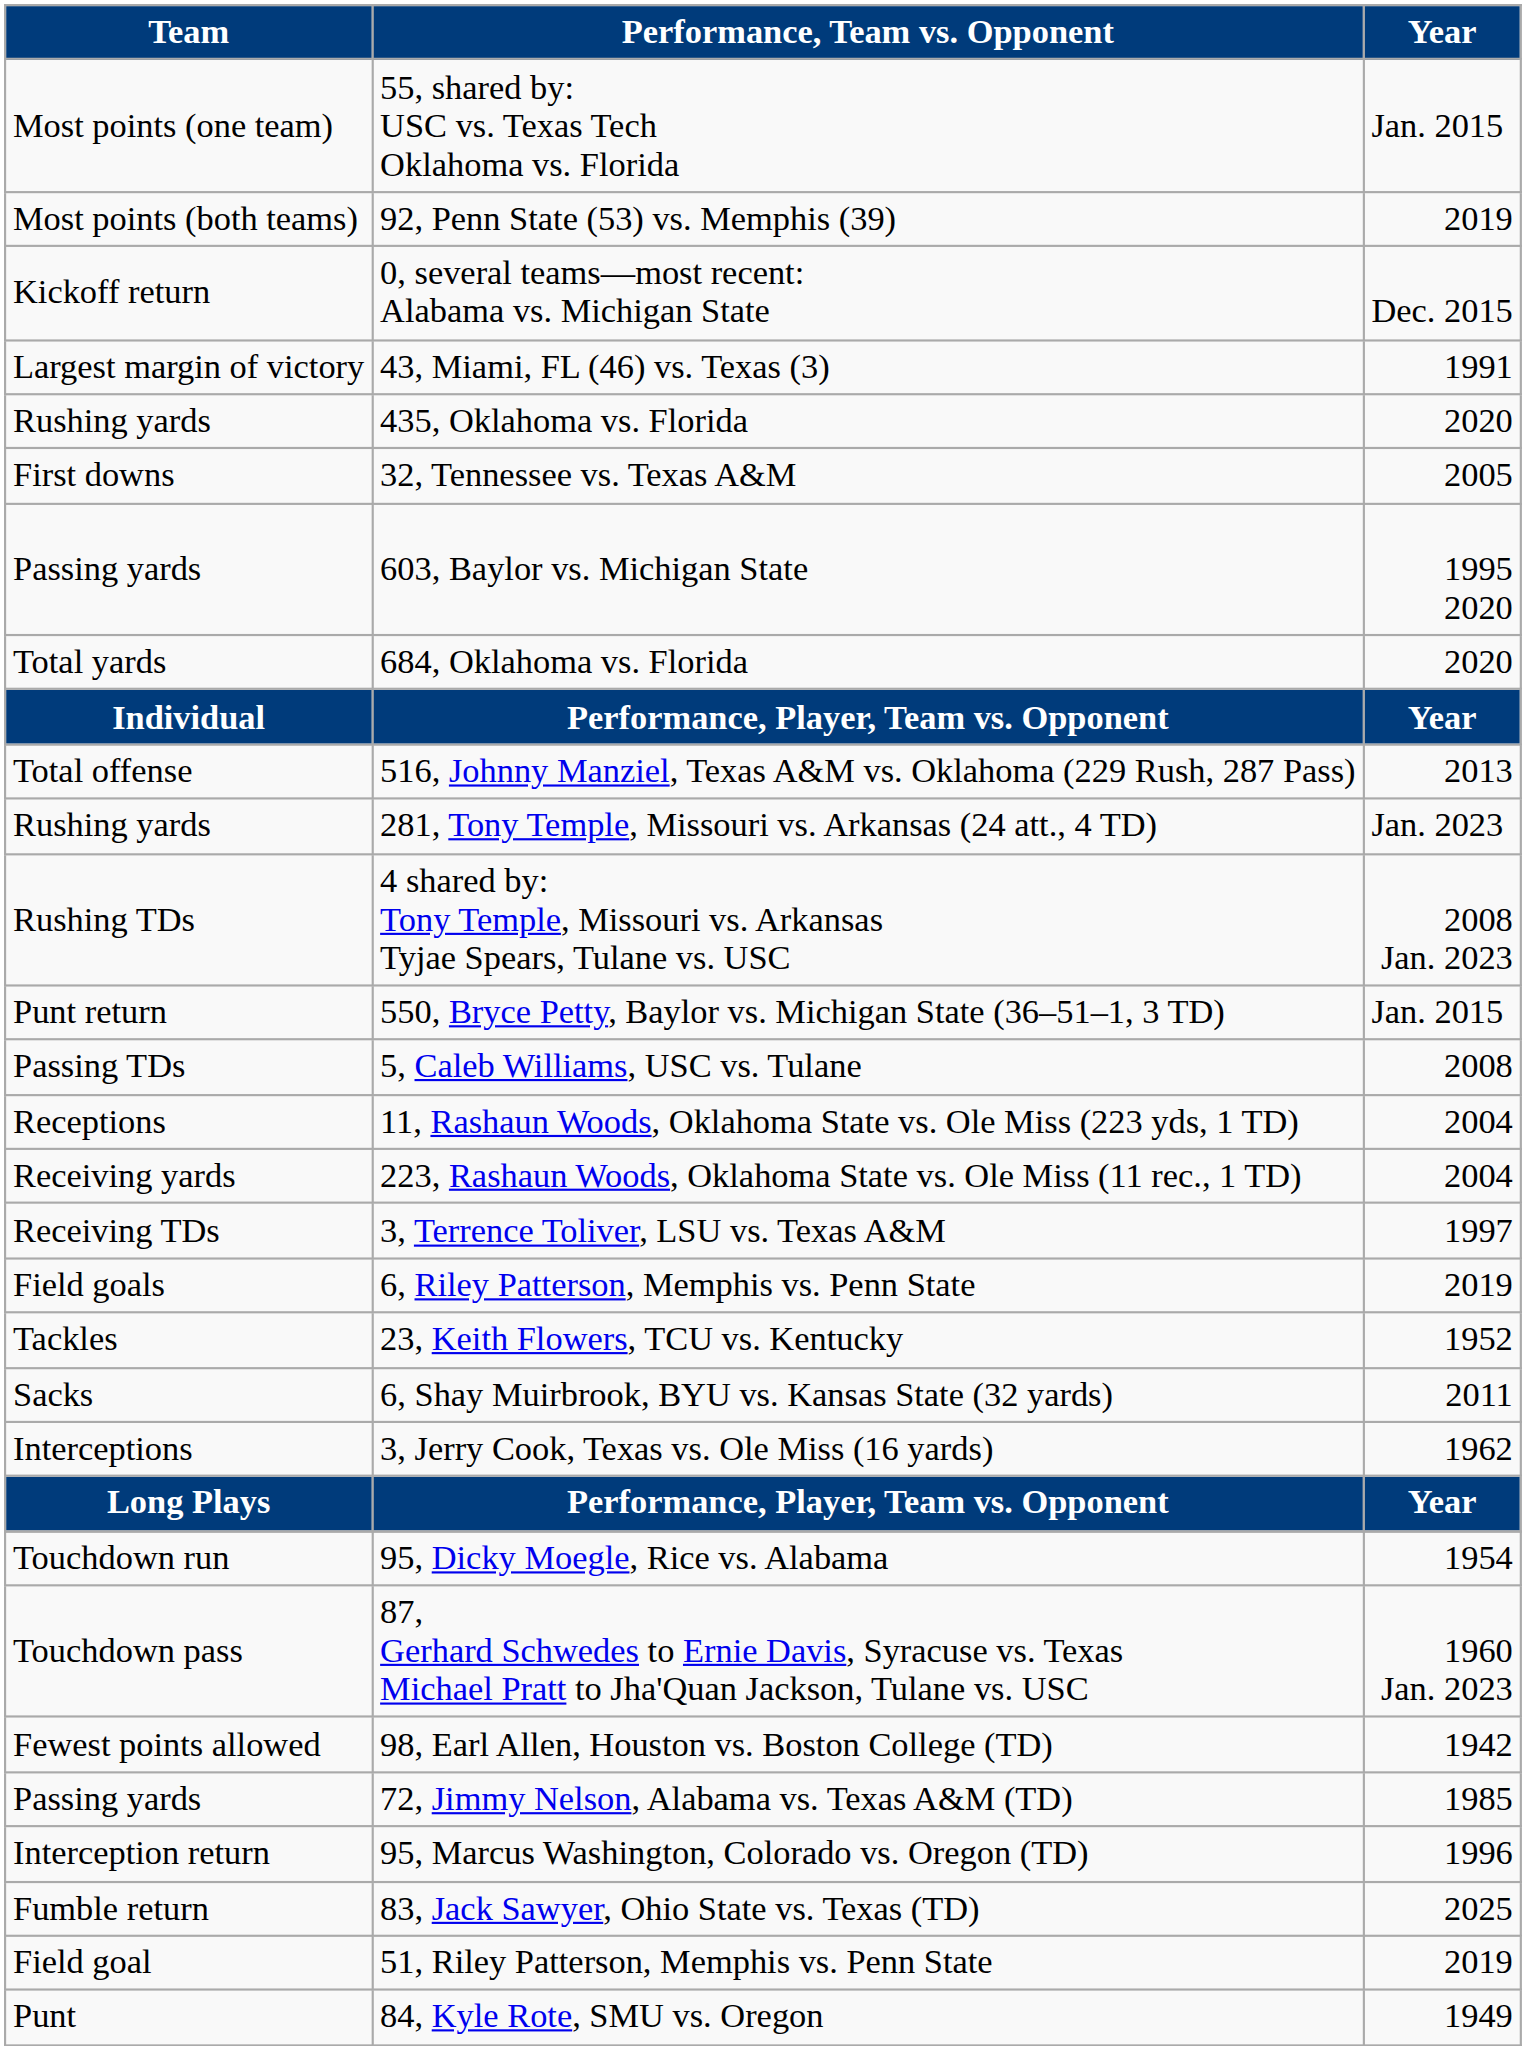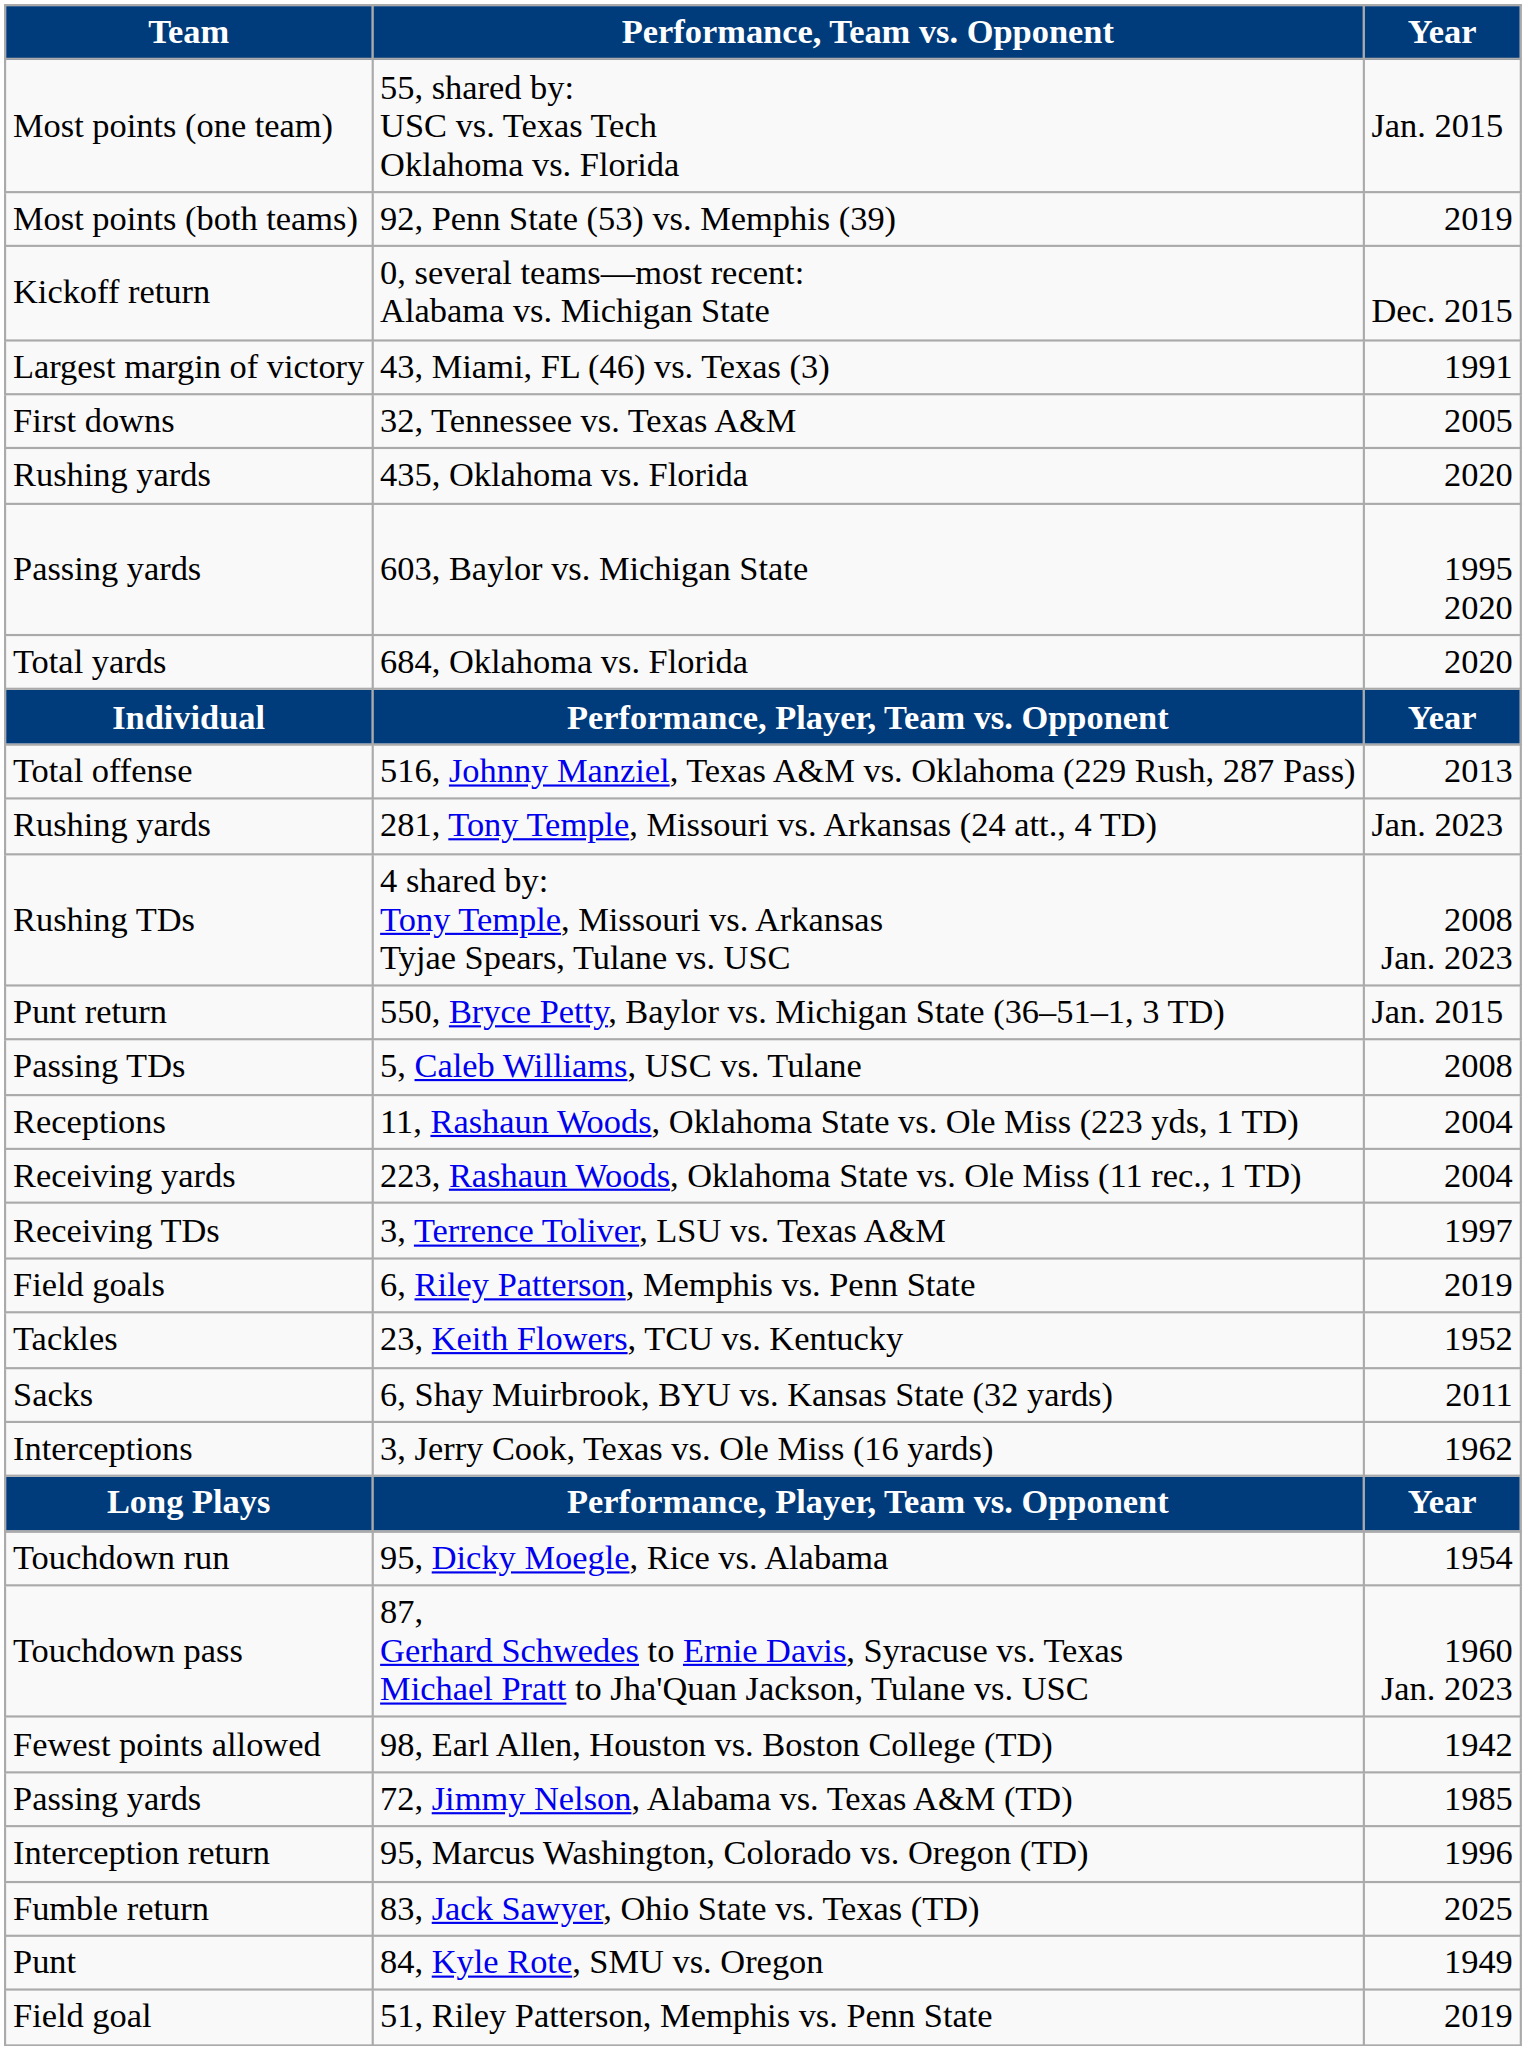 <table class="wikitable">
 <tr>
 <th style="background:#003B7B; color:#FFFFFF; ">Team</th>
 <th style="background:#003B7B; color:#FFFFFF; ">Performance, Team vs. Opponent</th>
 <th style="background:#003B7B; color:#FFFFFF; ">Year</th>
 </tr>
 <tr>
 <td>Most points (one team)</td>
 <td>55, shared by:<br>USC vs. Texas Tech<br>Oklahoma vs. Florida</td>
 <td>Jan. 2015</td>
 </tr>
 <tr>
 <td>Most points (both teams)</td>
 <td>92, Penn State (53) vs. Memphis (39)</td>
 <td align=right>2019</td>
 </tr>
 <tr>
 <td>Kickoff return</td>
 <td>0, several teams—most recent:<br>Alabama vs. Michigan State</td>
 <td><br>Dec. 2015</td>
 </tr>
 <tr>
 <td>Largest margin of victory</td>
 <td>43, Miami, FL (46) vs. Texas (3)</td>
 <td align=right>1991</td>
 </tr>
 <tr>
+<td>First downs</td>
+<td>32, Tennessee vs. Texas A&M</td>
+<td align=right>2005</td>
+</tr>
+<tr>
 <td>Rushing yards</td>
 <td>435, Oklahoma vs. Florida</td>
 <td align=right>2020</td>
-</tr>
-<tr>
-<td>First downs</td>
-<td>32, Tennessee vs. Texas A&M</td>
-<td align=right>2005</td>
 </tr>
 <tr>
 <td>Passing yards</td>
 <td>603, Baylor vs. Michigan State</td>
 <td align=right><br>1995<br>2020</td>
 </tr>
 <tr>
 <td>Total yards</td>
 <td>684, Oklahoma vs. Florida</td>
 <td align=right>2020</td>
 </tr>
 <tr>
 <th style="background:#003B7B; color:#FFFFFF; ">Individual</th>
 <th style="background:#003B7B; color:#FFFFFF; ">Performance, Player, Team vs. Opponent</th>
 <th style="background:#003B7B; color:#FFFFFF; ">Year</th>
 </tr>
 <tr>
 <td>Total offense</td>
 <td>516, <a href='#'>Johnny Manziel</a>, Texas A&M vs. Oklahoma (229 Rush, 287 Pass)</td>
 <td align=right>2013</td>
 </tr>
 <tr>
 <td>Rushing yards</td>
 <td>281, <a href='#'>Tony Temple</a>, Missouri vs. Arkansas (24 att., 4 TD)</td>
 <td>Jan. 2023</td>
 </tr>
 <tr>
 <td>Rushing TDs</td>
 <td>4 shared by:<br><a href='#'>Tony Temple</a>, Missouri vs. Arkansas<br>Tyjae Spears, Tulane vs. USC</td>
 <td align=right><br>2008<br>Jan. 2023</td>
 </tr>
 <tr>
 <td>Punt return</td>
 <td>550, <a href='#'>Bryce Petty</a>, Baylor vs. Michigan State (36–51–1, 3 TD)</td>
 <td>Jan. 2015</td>
 </tr>
 <tr>
 <td>Passing TDs</td>
 <td>5, <a href='#'>Caleb Williams</a>, USC vs. Tulane</td>
 <td align=right>2008</td>
 </tr>
 <tr>
 <td>Receptions</td>
 <td>11, <a href='#'>Rashaun Woods</a>, Oklahoma State vs. Ole Miss (223 yds, 1 TD)</td>
 <td align=right>2004</td>
 </tr>
 <tr>
 <td>Receiving yards</td>
 <td>223, <a href='#'>Rashaun Woods</a>, Oklahoma State vs. Ole Miss (11 rec., 1 TD)</td>
 <td align=right>2004</td>
 </tr>
 <tr>
 <td>Receiving TDs</td>
 <td>3, <a href='#'>Terrence Toliver</a>, LSU vs. Texas A&M</td>
 <td align=right>1997</td>
 </tr>
 <tr>
 <td>Field goals</td>
 <td>6, <a href='#'>Riley Patterson</a>, Memphis vs. Penn State</td>
 <td align=right>2019</td>
 </tr>
 <tr>
 <td>Tackles</td>
 <td>23, <a href='#'>Keith Flowers</a>, TCU vs. Kentucky</td>
 <td align=right>1952</td>
 </tr>
 <tr>
 <td>Sacks</td>
 <td>6, Shay Muirbrook, BYU vs. Kansas State (32 yards)</td>
 <td align=right>2011</td>
 </tr>
 <tr>
 <td>Interceptions</td>
 <td>3, Jerry Cook, Texas vs. Ole Miss (16 yards)</td>
 <td align=right>1962</td>
 </tr>
 <tr>
 <th style="background:#003B7B; color:#FFFFFF; ">Long Plays</th>
 <th style="background:#003B7B; color:#FFFFFF; ">Performance, Player, Team vs. Opponent</th>
 <th style="background:#003B7B; color:#FFFFFF; ">Year</th>
 </tr>
 <tr>
 </tr>
 <tr>
 <td>Touchdown run</td>
 <td>95, <a href='#'>Dicky Moegle</a>, Rice vs. Alabama</td>
 <td align=right>1954</td>
 </tr>
 <tr>
 <td>Touchdown pass</td>
 <td>87, <br><a href='#'>Gerhard Schwedes</a> to <a href='#'>Ernie Davis</a>, Syracuse vs. Texas <br><a href='#'>Michael Pratt</a> to Jha'Quan Jackson, Tulane vs. USC</td>
 <td align=right><br>1960<br>Jan. 2023</td>
 </tr>
 <tr>
 <td>Fewest points allowed</td>
 <td>98, Earl Allen, Houston vs. Boston College (TD)</td>
 <td align=right>1942</td>
 </tr>
 <tr>
 <td>Passing yards</td>
 <td>72, <a href='#'>Jimmy Nelson</a>, Alabama vs. Texas A&M (TD)</td>
 <td align=right>1985</td>
 </tr>
 <tr>
 <td>Interception return</td>
 <td>95, Marcus Washington, Colorado vs. Oregon (TD)</td>
 <td align=right>1996</td>
 </tr>
 <tr>
 <td>Fumble return</td>
 <td>83, <a href='#'>Jack Sawyer</a>, Ohio State vs. Texas (TD)</td>
 <td align="right">2025</td>
 </tr>
 <tr>
+<td>Punt</td>
+<td>84, <a href='#'>Kyle Rote</a>, SMU vs. Oregon</td>
+<td align=right>1949</td>
+</tr>
+<tr>
 <td>Field goal</td>
 <td>51, Riley Patterson, Memphis vs. Penn State</td>
 <td align=right>2019</td>
 </tr>
-<tr>
-<td>Punt</td>
-<td>84, <a href='#'>Kyle Rote</a>, SMU vs. Oregon</td>
-<td align=right>1949</td>
-</tr>
 </table>
